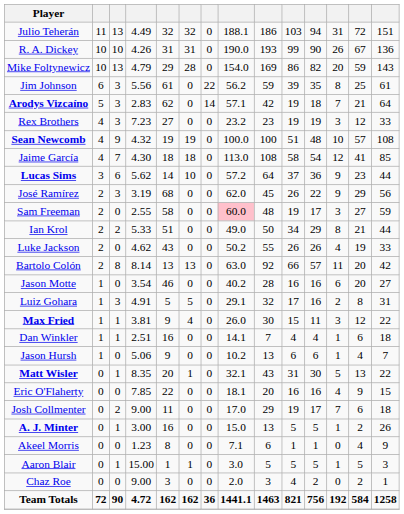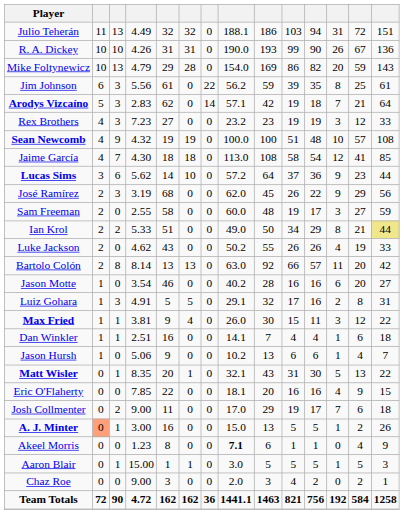 <table class="wikitable sortable" style="text-align:center;">
 <tr>
 <th>Player</th>
 <th></th>
 <th></th>
 <th></th>
 <th></th>
 <th></th>
 <th></th>
 <th></th>
 <th></th>
 <th></th>
 <th></th>
 <th></th>
 <th></th>
 <th></th>
 </tr>
 <tr>
 <td><a href='#'>Julio Teherán</a></td>
 <td>11</td>
 <td>13</td>
 <td>4.49</td>
 <td>32</td>
 <td>32</td>
 <td>0</td>
 <td>188.1</td>
 <td>186</td>
 <td>103</td>
 <td>94</td>
 <td>31</td>
 <td>72</td>
 <td>151</td>
 </tr>
 <tr>
 <td><a href='#'>R. A. Dickey</a></td>
 <td>10</td>
 <td>10</td>
 <td>4.26</td>
 <td>31</td>
 <td>31</td>
 <td>0</td>
 <td>190.0</td>
 <td>193</td>
 <td>99</td>
 <td>90</td>
 <td>26</td>
 <td>67</td>
 <td>136</td>
 </tr>
 <tr>
 <td><a href='#'>Mike Foltynewicz</a></td>
 <td>10</td>
 <td>13</td>
 <td>4.79</td>
 <td>29</td>
 <td>28</td>
 <td>0</td>
 <td>154.0</td>
 <td>169</td>
 <td>86</td>
 <td>82</td>
 <td>20</td>
 <td>59</td>
 <td>143</td>
 </tr>
 <tr>
 <td><a href='#'>Jim Johnson</a></td>
 <td>6</td>
 <td>3</td>
 <td>5.56</td>
 <td>61</td>
 <td>0</td>
 <td>22</td>
 <td>56.2</td>
 <td>59</td>
 <td>39</td>
 <td>35</td>
 <td>8</td>
 <td>25</td>
 <td>61</td>
 </tr>
 <tr>
 <td><strong><a href='#'>Arodys Vizcaíno</a></strong></td>
 <td>5</td>
 <td>3</td>
 <td>2.83</td>
 <td>62</td>
 <td>0</td>
 <td>14</td>
 <td>57.1</td>
 <td>42</td>
 <td>19</td>
 <td>18</td>
 <td>7</td>
 <td>21</td>
 <td>64</td>
 </tr>
 <tr>
 <td><a href='#'>Rex Brothers</a></td>
 <td>4</td>
 <td>3</td>
 <td>7.23</td>
 <td>27</td>
 <td>0</td>
 <td>0</td>
 <td>23.2</td>
 <td>23</td>
 <td>19</td>
 <td>19</td>
 <td>3</td>
 <td>12</td>
 <td>33</td>
 </tr>
 <tr>
 <td><strong><a href='#'>Sean Newcomb</a></strong></td>
 <td>4</td>
 <td>9</td>
 <td>4.32</td>
 <td>19</td>
 <td>19</td>
 <td>0</td>
 <td>100.0</td>
 <td>100</td>
 <td>51</td>
 <td>48</td>
 <td>10</td>
 <td>57</td>
 <td>108</td>
 </tr>
 <tr>
 <td><a href='#'>Jaime García</a></td>
 <td>4</td>
 <td>7</td>
 <td>4.30</td>
 <td>18</td>
 <td>18</td>
 <td>0</td>
 <td>113.0</td>
 <td>108</td>
 <td>58</td>
 <td>54</td>
 <td>12</td>
 <td>41</td>
 <td>85</td>
 </tr>
 <tr>
 <td><strong><a href='#'>Lucas Sims</a></strong></td>
 <td>3</td>
 <td>6</td>
 <td>5.62</td>
 <td>14</td>
 <td>10</td>
 <td>0</td>
 <td>57.2</td>
 <td>64</td>
 <td>37</td>
 <td>36</td>
 <td>9</td>
 <td>23</td>
 <td>44</td>
 </tr>
 <tr>
 <td><a href='#'>José Ramírez</a></td>
 <td>2</td>
 <td>3</td>
 <td>3.19</td>
 <td>68</td>
 <td>0</td>
 <td>0</td>
 <td>62.0</td>
 <td>45</td>
 <td>26</td>
 <td>22</td>
 <td>9</td>
 <td>29</td>
 <td>56</td>
 </tr>
 <tr>
 <td><a href='#'>Sam Freeman</a></td>
 <td>2</td>
 <td>0</td>
 <td>2.55</td>
 <td>58</td>
 <td>0</td>
 <td>0</td>
-<td style="background: pink;">60.0</td>
+<td>60.0</td>
 <td>48</td>
 <td>19</td>
 <td>17</td>
 <td>3</td>
 <td>27</td>
 <td>59</td>
 </tr>
 <tr>
 <td><a href='#'>Ian Krol</a></td>
 <td>2</td>
 <td>2</td>
 <td>5.33</td>
 <td>51</td>
 <td>0</td>
 <td>0</td>
 <td>49.0</td>
 <td>50</td>
 <td>34</td>
 <td>29</td>
 <td>8</td>
 <td>21</td>
-<td>44</td>
+<td style="background: khaki;">44</td>
 </tr>
 <tr>
 <td><a href='#'>Luke Jackson</a></td>
 <td>2</td>
 <td>0</td>
 <td>4.62</td>
 <td>43</td>
 <td>0</td>
 <td>0</td>
 <td>50.2</td>
 <td>55</td>
 <td>26</td>
 <td>26</td>
 <td>4</td>
 <td>19</td>
 <td>33</td>
 </tr>
 <tr>
 <td><a href='#'>Bartolo Colón</a></td>
 <td>2</td>
 <td>8</td>
 <td>8.14</td>
 <td>13</td>
 <td>13</td>
 <td>0</td>
 <td>63.0</td>
 <td>92</td>
 <td>66</td>
 <td>57</td>
 <td>11</td>
 <td>20</td>
 <td>42</td>
 </tr>
 <tr>
 <td><a href='#'>Jason Motte</a></td>
 <td>1</td>
 <td>0</td>
 <td>3.54</td>
 <td>46</td>
 <td>0</td>
 <td>0</td>
 <td>40.2</td>
 <td>28</td>
 <td>16</td>
 <td>16</td>
 <td>6</td>
 <td>20</td>
 <td>27</td>
 </tr>
 <tr>
 <td><a href='#'>Luiz Gohara</a></td>
 <td>1</td>
 <td>3</td>
 <td>4.91</td>
 <td>5</td>
 <td>5</td>
 <td>0</td>
 <td>29.1</td>
 <td>32</td>
 <td>17</td>
 <td>16</td>
 <td>2</td>
 <td>8</td>
 <td>31</td>
 </tr>
 <tr>
 <td><strong><a href='#'>Max Fried</a></strong></td>
 <td>1</td>
 <td>1</td>
 <td>3.81</td>
 <td>9</td>
 <td>4</td>
 <td>0</td>
 <td>26.0</td>
 <td>30</td>
 <td>15</td>
 <td>11</td>
 <td>3</td>
 <td>12</td>
 <td>22</td>
 </tr>
 <tr>
 <td><a href='#'>Dan Winkler</a></td>
 <td>1</td>
 <td>1</td>
 <td>2.51</td>
 <td>16</td>
 <td>0</td>
 <td>0</td>
 <td>14.1</td>
 <td>7</td>
 <td>4</td>
 <td>4</td>
 <td>1</td>
 <td>6</td>
 <td>18</td>
 </tr>
 <tr>
 <td><a href='#'>Jason Hursh</a></td>
 <td>1</td>
 <td>0</td>
 <td>5.06</td>
 <td>9</td>
 <td>0</td>
 <td>0</td>
 <td>10.2</td>
 <td>13</td>
 <td>6</td>
 <td>6</td>
 <td>1</td>
 <td>4</td>
 <td>7</td>
 </tr>
 <tr>
 <td><strong><a href='#'>Matt Wisler</a></strong></td>
 <td>0</td>
 <td>1</td>
 <td>8.35</td>
 <td>20</td>
 <td>1</td>
 <td>0</td>
 <td>32.1</td>
 <td>43</td>
 <td>31</td>
 <td>30</td>
 <td>5</td>
 <td>13</td>
 <td>22</td>
 </tr>
 <tr>
 <td><a href='#'>Eric O'Flaherty</a></td>
 <td>0</td>
 <td>0</td>
 <td>7.85</td>
 <td>22</td>
 <td>0</td>
 <td>0</td>
 <td>18.1</td>
 <td>20</td>
 <td>16</td>
 <td>16</td>
 <td>4</td>
 <td>9</td>
 <td>15</td>
 </tr>
 <tr>
 <td><a href='#'>Josh Collmenter</a></td>
 <td>0</td>
 <td>2</td>
 <td>9.00</td>
 <td>11</td>
 <td>0</td>
 <td>0</td>
 <td>17.0</td>
 <td>29</td>
 <td>19</td>
 <td>17</td>
 <td>7</td>
 <td>6</td>
 <td>18</td>
 </tr>
 <tr>
 <td><strong><a href='#'>A. J. Minter</a></strong></td>
-<td>0</td>
+<td style="background: lightsalmon;">0</td>
 <td>1</td>
 <td>3.00</td>
 <td>16</td>
 <td>0</td>
 <td>0</td>
 <td>15.0</td>
 <td>13</td>
 <td>5</td>
 <td>5</td>
 <td>1</td>
 <td>2</td>
 <td>26</td>
 </tr>
 <tr>
 <td><a href='#'>Akeel Morris</a></td>
 <td>0</td>
 <td>0</td>
 <td>1.23</td>
 <td>8</td>
 <td>0</td>
 <td>0</td>
-<td>7.1</td>
+<td><strong>7.1</strong></td>
 <td>6</td>
 <td>1</td>
 <td>1</td>
 <td>0</td>
 <td>4</td>
 <td>9</td>
 </tr>
 <tr>
 <td><a href='#'>Aaron Blair</a></td>
 <td>0</td>
 <td>1</td>
 <td>15.00</td>
 <td>1</td>
 <td>1</td>
 <td>0</td>
 <td>3.0</td>
 <td>5</td>
 <td>5</td>
 <td>5</td>
 <td>1</td>
 <td>5</td>
 <td>3</td>
 </tr>
 <tr>
 <td><a href='#'>Chaz Roe</a></td>
 <td>0</td>
 <td>0</td>
 <td>9.00</td>
 <td>3</td>
 <td>0</td>
 <td>0</td>
 <td>2.0</td>
 <td>3</td>
 <td>4</td>
 <td>2</td>
 <td>0</td>
 <td>2</td>
 <td>1</td>
 </tr>
 <tr>
 <td><strong>Team Totals</strong></td>
 <td><strong>72</strong></td>
 <td><strong>90</strong></td>
 <td><strong>4.72</strong></td>
 <td><strong>162</strong></td>
 <td><strong>162</strong></td>
 <td><strong>36</strong></td>
 <td><strong>1441.1</strong></td>
 <td><strong>1463</strong></td>
 <td><strong>821</strong></td>
 <td><strong>756</strong></td>
 <td><strong>192</strong></td>
 <td><strong>584</strong></td>
 <td><strong>1258</strong></td>
 </tr>
 <tr class=="sortbottom"|>
 </tr>
 </table>
